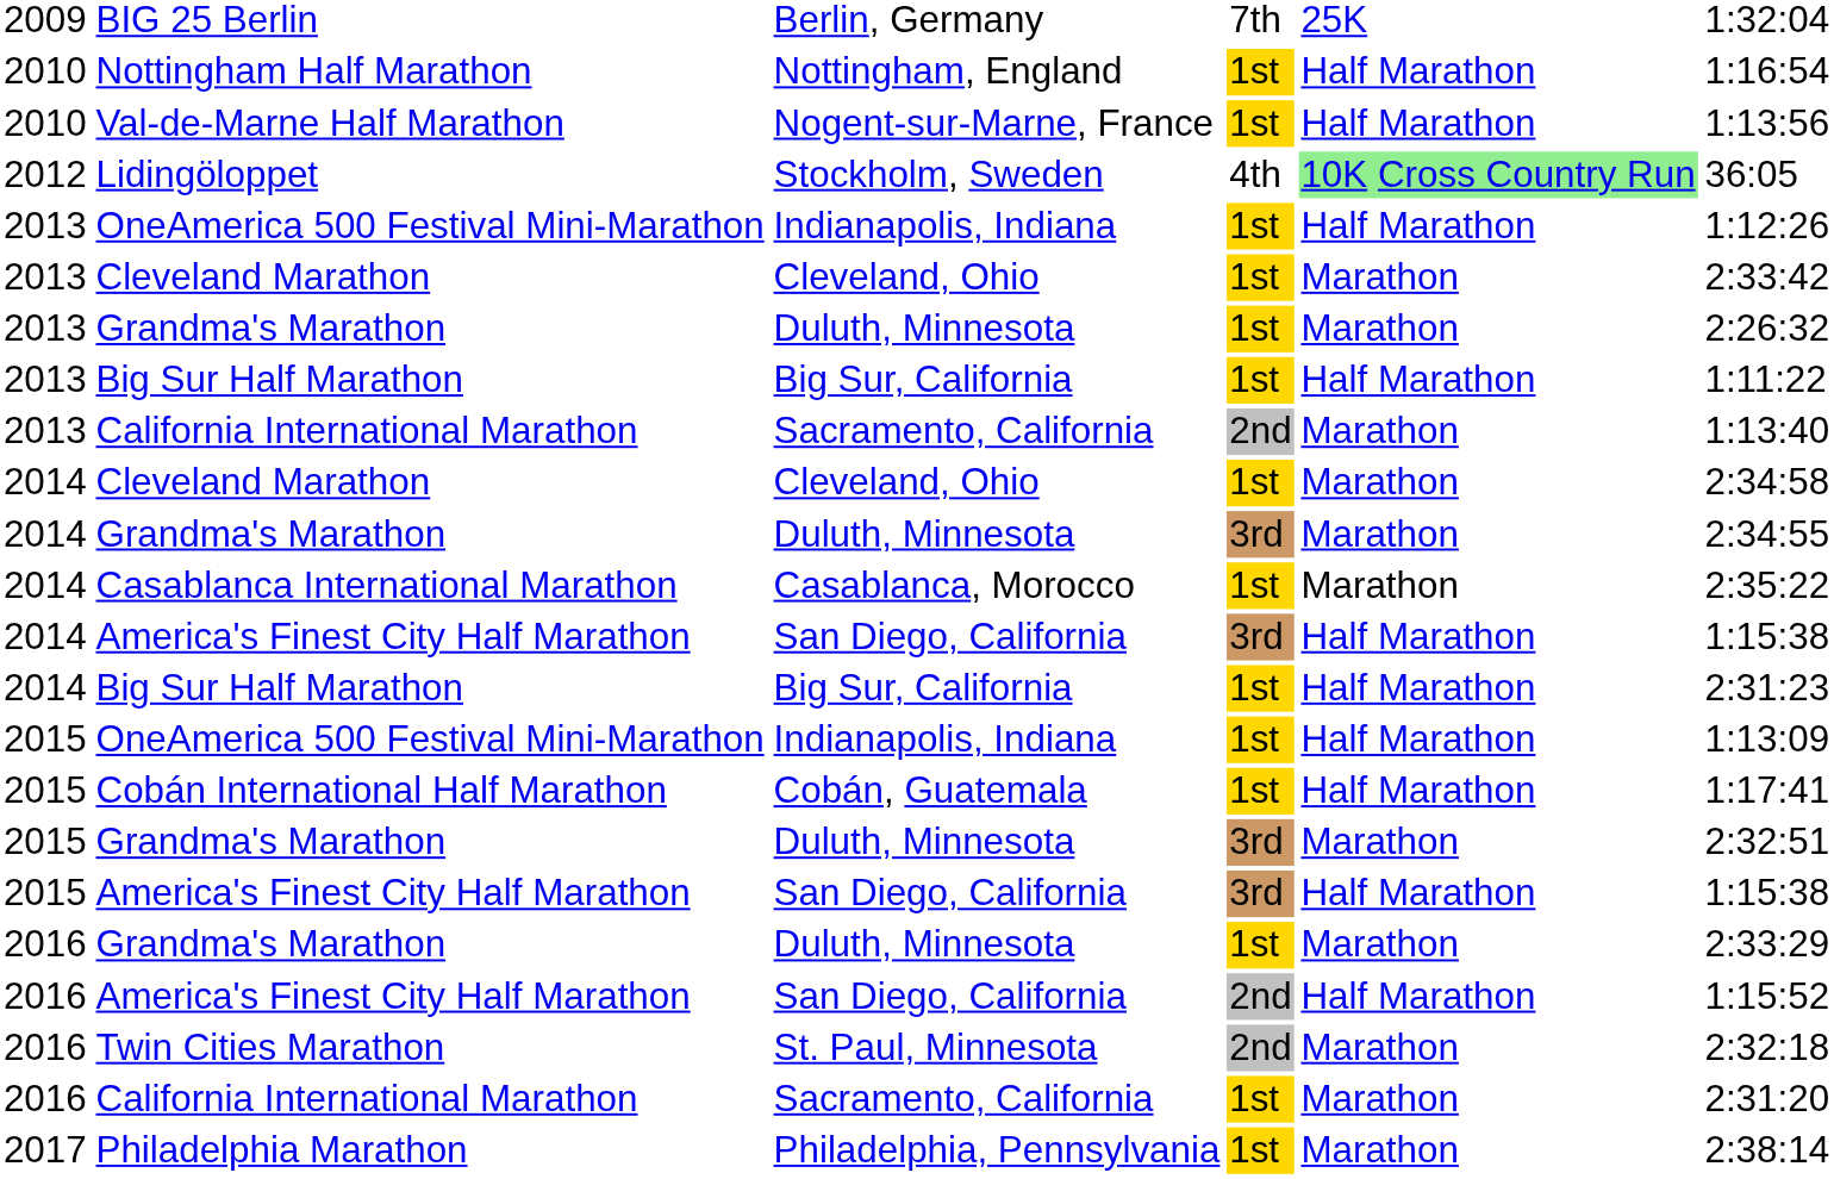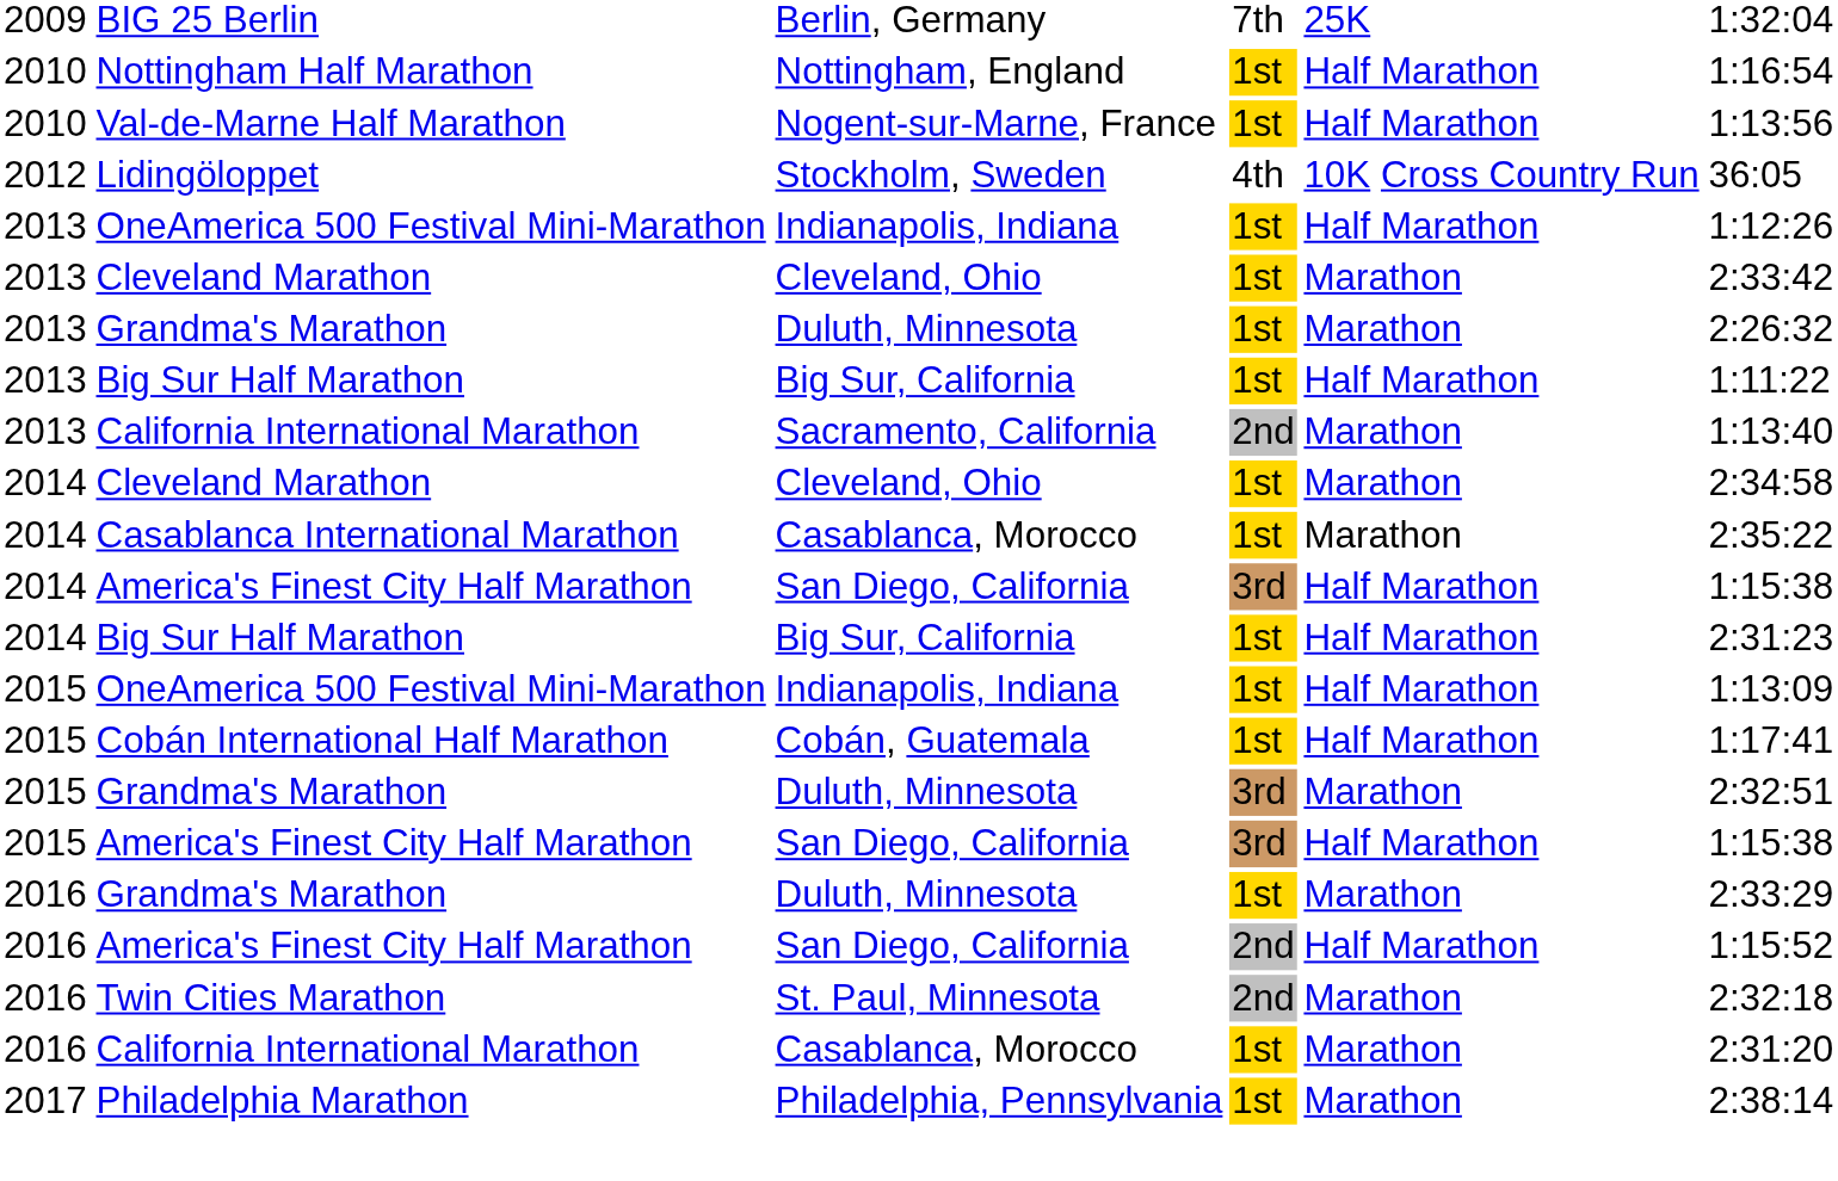 <table>
 <tr>
 <td>2009</td>
 <td><a href='#'>BIG 25 Berlin</a></td>
 <td><a href='#'>Berlin</a>, Germany</td>
 <td>7th</td>
 <td><a href='#'>25K</a></td>
 <td>1:32:04</td>
 </tr>
 <tr>
 <td>2010</td>
 <td><a href='#'>Nottingham Half Marathon</a></td>
 <td><a href='#'>Nottingham</a>, England</td>
 <td bgcolor="gold">1st</td>
 <td><a href='#'>Half Marathon</a></td>
 <td>1:16:54</td>
 </tr>
 <tr>
 <td>2010</td>
 <td><a href='#'>Val-de-Marne Half Marathon</a></td>
 <td><a href='#'>Nogent-sur-Marne</a>, France</td>
 <td bgcolor="gold">1st</td>
 <td><a href='#'>Half Marathon</a></td>
 <td>1:13:56</td>
 </tr>
 <tr>
 <td>2012</td>
 <td><a href='#'>Lidingöloppet</a></td>
 <td><a href='#'>Stockholm</a>, <a href='#'>Sweden</a></td>
 <td>4th</td>
-<td style="background: lightgreen;"><a href='#'>10K</a> <a href='#'>Cross Country Run</a></td>
+<td><a href='#'>10K</a> <a href='#'>Cross Country Run</a></td>
 <td>36:05</td>
 </tr>
 <tr>
 <td>2013</td>
 <td><a href='#'>OneAmerica 500 Festival Mini-Marathon</a></td>
 <td><a href='#'>Indianapolis, Indiana</a></td>
 <td bgcolor="gold">1st</td>
 <td><a href='#'>Half Marathon</a></td>
 <td>1:12:26</td>
 </tr>
 <tr>
 <td>2013</td>
 <td><a href='#'>Cleveland Marathon</a></td>
 <td><a href='#'>Cleveland, Ohio</a></td>
 <td bgcolor="gold">1st</td>
 <td><a href='#'>Marathon</a></td>
 <td>2:33:42</td>
 </tr>
 <tr>
 <td>2013</td>
 <td><a href='#'>Grandma's Marathon</a></td>
 <td><a href='#'>Duluth, Minnesota</a></td>
 <td bgcolor="gold">1st</td>
 <td><a href='#'>Marathon</a></td>
 <td>2:26:32</td>
 </tr>
 <tr>
 <td>2013</td>
 <td><a href='#'>Big Sur Half Marathon</a></td>
 <td><a href='#'>Big Sur, California</a></td>
 <td bgcolor="gold">1st</td>
 <td><a href='#'>Half Marathon</a></td>
 <td>1:11:22</td>
 </tr>
 <tr>
 <td>2013</td>
 <td><a href='#'>California International Marathon</a></td>
 <td><a href='#'>Sacramento, California</a></td>
 <td bgcolor="silver">2nd</td>
 <td><a href='#'>Marathon</a></td>
 <td>1:13:40</td>
 </tr>
 <tr>
 <td>2014</td>
 <td><a href='#'>Cleveland Marathon</a></td>
 <td><a href='#'>Cleveland, Ohio</a></td>
 <td bgcolor="gold">1st</td>
 <td><a href='#'>Marathon</a></td>
 <td>2:34:58</td>
-</tr>
-<tr>
-<td>2014</td>
-<td><a href='#'>Grandma's Marathon</a></td>
-<td><a href='#'>Duluth, Minnesota</a></td>
-<td bgcolor=cc9966>3rd</td>
-<td><a href='#'>Marathon</a></td>
-<td>2:34:55</td>
 </tr>
 <tr>
 <td>2014</td>
 <td><a href='#'>Casablanca International Marathon</a></td>
 <td><a href='#'>Casablanca</a>, Morocco</td>
 <td bgcolor="gold">1st</td>
 <td>Marathon</td>
 <td>2:35:22</td>
 </tr>
 <tr>
 <td>2014</td>
 <td><a href='#'>America's Finest City Half Marathon</a></td>
 <td><a href='#'>San Diego, California</a></td>
 <td bgcolor=cc9966>3rd</td>
 <td><a href='#'>Half Marathon</a></td>
 <td>1:15:38</td>
 </tr>
 <tr>
 <td>2014</td>
 <td><a href='#'>Big Sur Half Marathon</a></td>
 <td><a href='#'>Big Sur, California</a></td>
 <td bgcolor="gold">1st</td>
 <td><a href='#'>Half Marathon</a></td>
 <td>2:31:23</td>
 </tr>
 <tr>
 <td>2015</td>
 <td><a href='#'>OneAmerica 500 Festival Mini-Marathon</a></td>
 <td><a href='#'>Indianapolis, Indiana</a></td>
 <td bgcolor="gold">1st</td>
 <td><a href='#'>Half Marathon</a></td>
 <td>1:13:09</td>
 </tr>
 <tr>
 <td>2015</td>
 <td><a href='#'>Cobán International Half Marathon</a></td>
 <td><a href='#'>Cobán</a>, <a href='#'>Guatemala</a></td>
 <td bgcolor="gold">1st</td>
 <td><a href='#'>Half Marathon</a></td>
 <td>1:17:41</td>
 </tr>
 <tr>
 <td>2015</td>
 <td><a href='#'>Grandma's Marathon</a></td>
 <td><a href='#'>Duluth, Minnesota</a></td>
 <td bgcolor=cc9966>3rd</td>
 <td><a href='#'>Marathon</a></td>
 <td>2:32:51</td>
 </tr>
 <tr>
 <td>2015</td>
 <td><a href='#'>America's Finest City Half Marathon</a></td>
 <td><a href='#'>San Diego, California</a></td>
 <td bgcolor=cc9966>3rd</td>
 <td><a href='#'>Half Marathon</a></td>
 <td>1:15:38</td>
 </tr>
 <tr>
 <td>2016</td>
 <td><a href='#'>Grandma's Marathon</a></td>
 <td><a href='#'>Duluth, Minnesota</a></td>
 <td bgcolor="gold">1st</td>
 <td><a href='#'>Marathon</a></td>
 <td>2:33:29</td>
 </tr>
 <tr>
 <td>2016</td>
 <td><a href='#'>America's Finest City Half Marathon</a></td>
 <td><a href='#'>San Diego, California</a></td>
 <td bgcolor="silver">2nd</td>
 <td><a href='#'>Half Marathon</a></td>
 <td>1:15:52</td>
 </tr>
 <tr>
 <td>2016</td>
 <td><a href='#'>Twin Cities Marathon</a></td>
 <td><a href='#'>St. Paul, Minnesota</a></td>
 <td bgcolor="silver">2nd</td>
 <td><a href='#'>Marathon</a></td>
 <td>2:32:18</td>
 </tr>
 <tr>
 <td>2016</td>
 <td><a href='#'>California International Marathon</a></td>
-<td><a href='#'>Sacramento, California</a></td>
+<td><a href='#'>Casablanca</a>, Morocco</td>
 <td bgcolor="gold">1st</td>
 <td><a href='#'>Marathon</a></td>
 <td>2:31:20</td>
 </tr>
 <tr>
 <td>2017</td>
 <td><a href='#'>Philadelphia Marathon</a></td>
 <td><a href='#'>Philadelphia, Pennsylvania</a></td>
 <td bgcolor="gold">1st</td>
 <td><a href='#'>Marathon</a></td>
 <td>2:38:14</td>
 </tr>
 <tr>
 </tr>
 </table>
